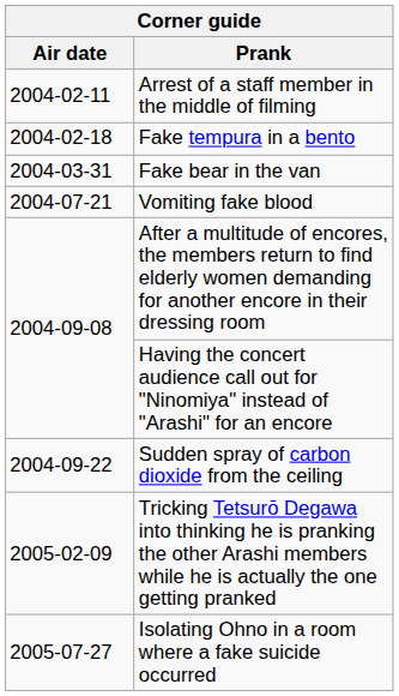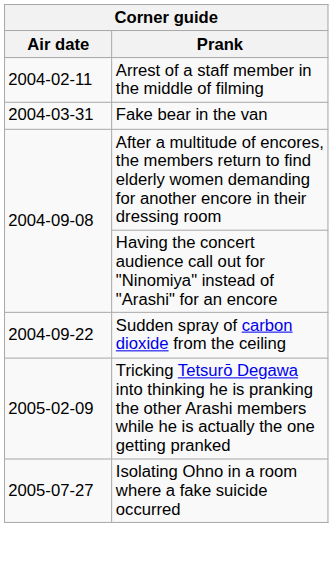 <table class="wikitable collapsible collapsed" style="clear:none; padding:0 auto; width:50%; margin:auto align:left;">
 <tr>
 <th colspan=2>Corner guide</th>
 </tr>
 <tr>
 <th style="width:6em;">Air date</th>
 <th>Prank</th>
 </tr>
 <tr>
 <td>2004-02-11</td>
 <td>Arrest of a staff member in the middle of filming</td>
 </tr>
 <tr>
-<td>2004-02-18</td>
-<td>Fake <a href='#'>tempura</a> in a <a href='#'>bento</a></td>
-</tr>
-<tr>
 <td>2004-03-31</td>
 <td>Fake bear in the van</td>
-</tr>
-<tr>
-<td>2004-07-21</td>
-<td>Vomiting fake blood</td>
 </tr>
 <tr>
 <td rowspan="2">2004-09-08</td>
 <td>After a multitude of encores, the members return to find elderly women demanding for another encore in their dressing room</td>
 </tr>
 <tr>
 <td>Having the concert audience call out for "Ninomiya" instead of "Arashi" for an encore</td>
 </tr>
 <tr>
 <td>2004-09-22</td>
 <td>Sudden spray of <a href='#'>carbon dioxide</a> from the ceiling</td>
 </tr>
 <tr>
 <td>2005-02-09</td>
 <td>Tricking <a href='#'>Tetsurō Degawa</a> into thinking he is pranking the other Arashi members while he is actually the one getting pranked</td>
 </tr>
 <tr>
 <td>2005-07-27</td>
 <td>Isolating Ohno in a room where a fake suicide occurred</td>
 </tr>
 </table>
